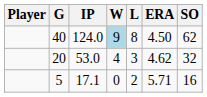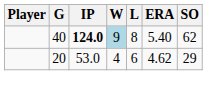 <table class="wikitable sortable">
 <tr>
 <th>Player</th>
 <th>G</th>
 <th>IP</th>
 <th>W</th>
 <th>L</th>
 <th>ERA</th>
 <th>SO</th>
 </tr>
 <tr align="center">
 <td></td>
 <td>40</td>
-<td>124.0</td>
+<td><strong>124.0</strong></td>
 <td style="background: lightblue;">9</td>
 <td>8</td>
-<td>4.50</td>
+<td>5.40</td>
 <td>62</td>
 </tr>
 <tr align="center">
 <td></td>
 <td>20</td>
 <td>53.0</td>
 <td>4</td>
-<td>3</td>
+<td>6</td>
 <td>4.62</td>
-<td>32</td>
-</tr>
-<tr align="center">
-<td></td>
-<td>5</td>
-<td>17.1</td>
-<td>0</td>
-<td>2</td>
-<td>5.71</td>
-<td>16</td>
+<td>29</td>
 </tr>
 </table>
